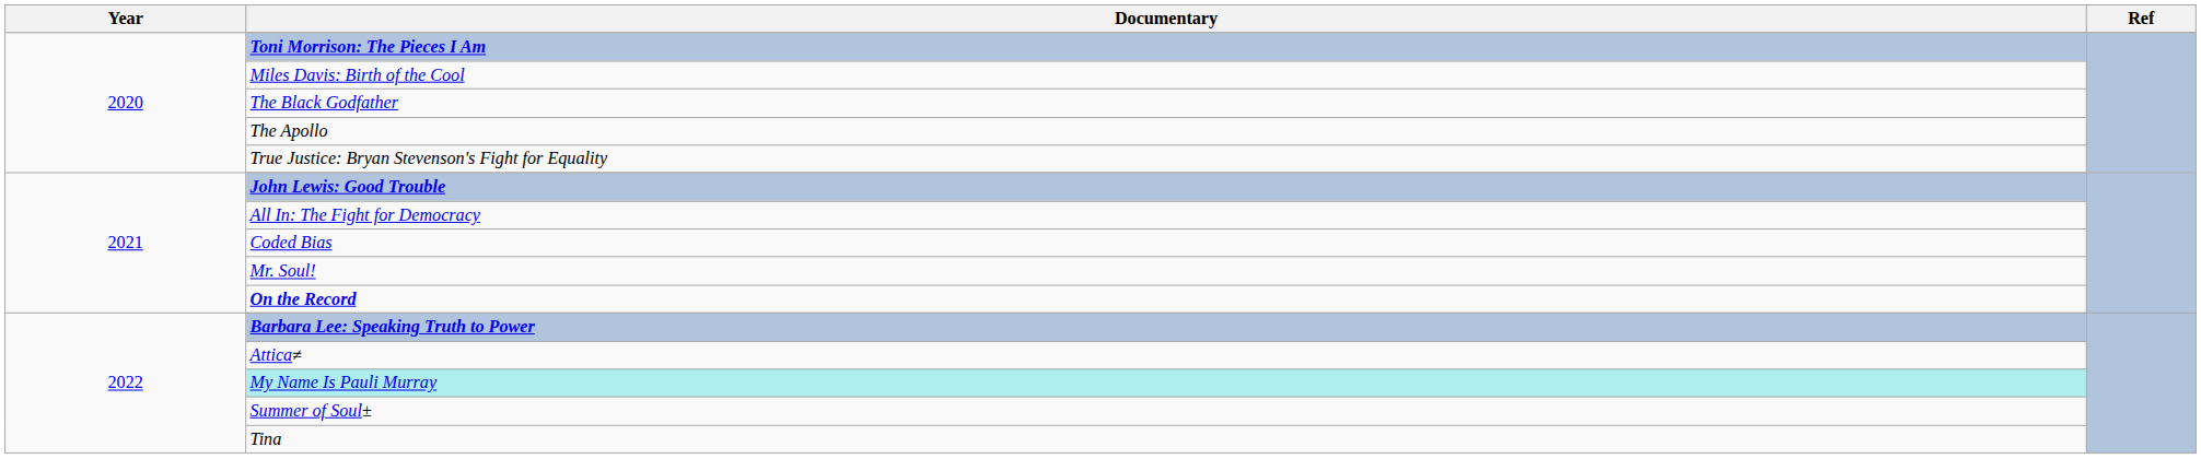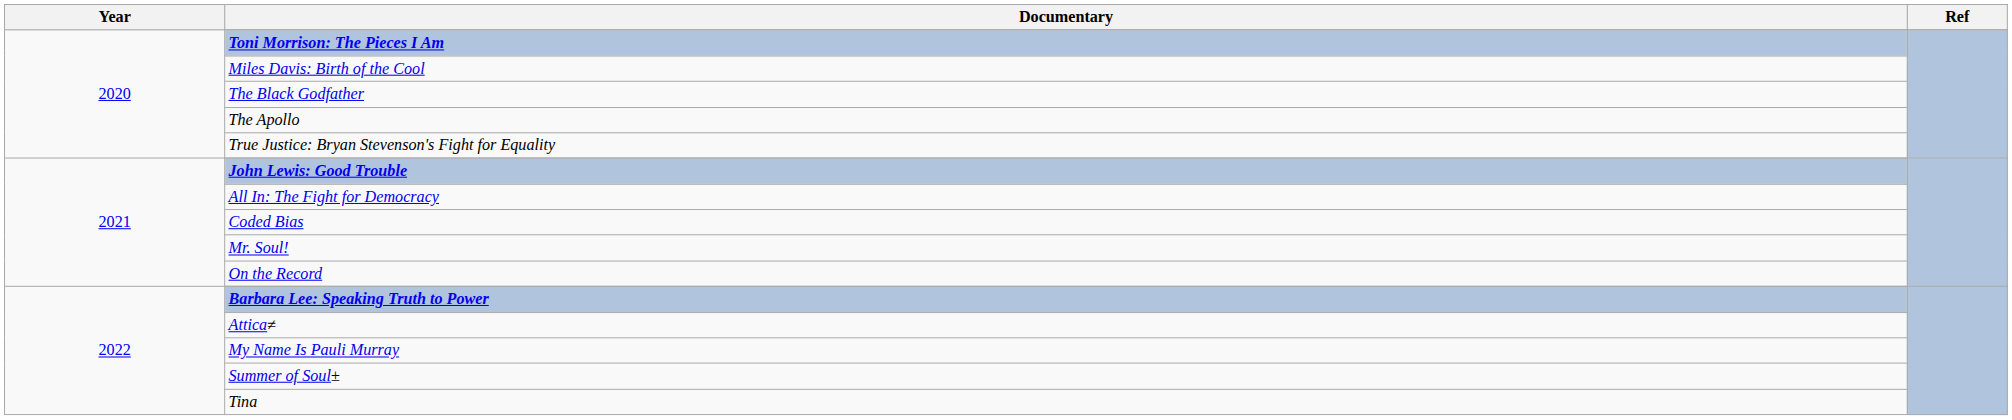 <table class="wikitable" style="width:100%;">
 <tr style="background:#bebebe;">
 <th style="width:11%;">Year</th>
 <th style="width:84%;">Documentary</th>
 <th style="width:5%;">Ref</th>
 </tr>
 <tr>
 <td rowspan="6" align="center"><a href='#'>2020</a></td>
 </tr>
 <tr style="background:#B0C4DE">
 <td><strong><em><a href='#'>Toni Morrison: The Pieces I Am</a></em></strong></td>
 <td rowspan="6" align="center"></td>
 </tr>
 <tr>
 <td><em><a href='#'>Miles Davis: Birth of the Cool</a></em></td>
 </tr>
 <tr>
 <td><em><a href='#'>The Black Godfather</a></em></td>
 </tr>
 <tr>
 <td><em>The Apollo</em></td>
 </tr>
 <tr>
 <td><em>True Justice: Bryan Stevenson's Fight for Equality</em></td>
 </tr>
 <tr>
 <td rowspan="6" align="center"><a href='#'>2021</a></td>
 </tr>
 <tr style="background:#B0C4DE">
 <td><strong><em><a href='#'>John Lewis: Good Trouble</a></em></strong></td>
 <td rowspan="6" align="center"></td>
 </tr>
 <tr>
 <td><em><a href='#'>All In: The Fight for Democracy</a></em></td>
 </tr>
 <tr>
 <td><em><a href='#'>Coded Bias</a></em></td>
 </tr>
 <tr>
 <td><em><a href='#'>Mr. Soul!</a></em></td>
 </tr>
 <tr>
-<td><strong><em><a href='#'>On the Record</a></em></strong></td>
+<td><em><a href='#'>On the Record</a></em></td>
 </tr>
 <tr>
 <td rowspan="6" align="center"><a href='#'>2022</a></td>
 </tr>
 <tr style="background:#B0C4DE">
 <td><strong><em><a href='#'>Barbara Lee: Speaking Truth to Power</a></em></strong></td>
 <td rowspan="6" align="center"></td>
 </tr>
 <tr>
 <td><em><a href='#'>Attica</a></em>≠</td>
 </tr>
 <tr>
-<td style="background: paleturquoise;"><em><a href='#'>My Name Is Pauli Murray</a></em></td>
+<td><em><a href='#'>My Name Is Pauli Murray</a></em></td>
 </tr>
 <tr>
 <td><em><a href='#'>Summer of Soul</a></em>±</td>
 </tr>
 <tr>
 <td><em>Tina</em></td>
 </tr>
 </table>
